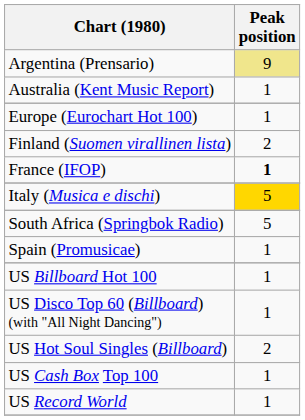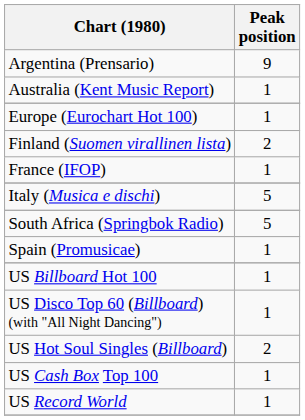 <table class="wikitable plainrowheaders sortable">
 <tr>
 <th>Chart (1980)</th>
 <th>Peak<br>position</th>
 </tr>
 <tr>
 <td>Argentina (Prensario)</td>
-<td align="center" style="background: khaki;">9</td>
+<td align="center">9</td>
 </tr>
 <tr>
 <td>Australia (<a href='#'>Kent Music Report</a>)</td>
 <td align="center">1</td>
 </tr>
 <tr>
 </tr>
 <tr>
 </tr>
 <tr>
 </tr>
 <tr>
 <td>Europe (<a href='#'>Eurochart Hot 100</a>)</td>
 <td align="center">1</td>
 </tr>
 <tr>
 <td>Finland (<em><a href='#'>Suomen virallinen lista</a></em>)</td>
 <td align="center">2</td>
 </tr>
 <tr>
 <td>France (<a href='#'>IFOP</a>)</td>
-<td align="center"><strong>1</strong></td>
+<td align="center">1</td>
 </tr>
 <tr>
 </tr>
 <tr>
 <td>Italy (<em><a href='#'>Musica e dischi</a></em>)</td>
-<td align="center" style="background: gold;">5</td>
+<td align="center">5</td>
 </tr>
 <tr>
 </tr>
 <tr>
 </tr>
 <tr>
 </tr>
 <tr>
 </tr>
 <tr>
 <td>South Africa (<a href='#'>Springbok Radio</a>)</td>
 <td align="center">5</td>
 </tr>
 <tr>
 <td>Spain (<a href='#'>Promusicae</a>)</td>
 <td align="center">1</td>
 </tr>
 <tr>
 </tr>
 <tr>
 </tr>
 <tr>
 </tr>
 <tr>
 <td>US <a href='#'><em>Billboard</em> Hot 100</a></td>
 <td align="center">1</td>
 </tr>
 <tr>
 <td>US <a href='#'>Disco Top 60</a> (<em><a href='#'>Billboard</a></em>)<br><small>(with "All Night Dancing")</small></td>
 <td align="center">1</td>
 </tr>
 <tr>
 <td>US <a href='#'>Hot Soul Singles</a> (<em><a href='#'>Billboard</a></em>)</td>
 <td align="center">2</td>
 </tr>
 <tr>
 <td>US <em><a href='#'>Cash Box</a></em> <a href='#'>Top 100</a></td>
 <td align="center">1</td>
 </tr>
 <tr>
 <td>US <em><a href='#'>Record World</a></em></td>
 <td align="center">1</td>
 </tr>
 <tr>
 </tr>
 </table>
